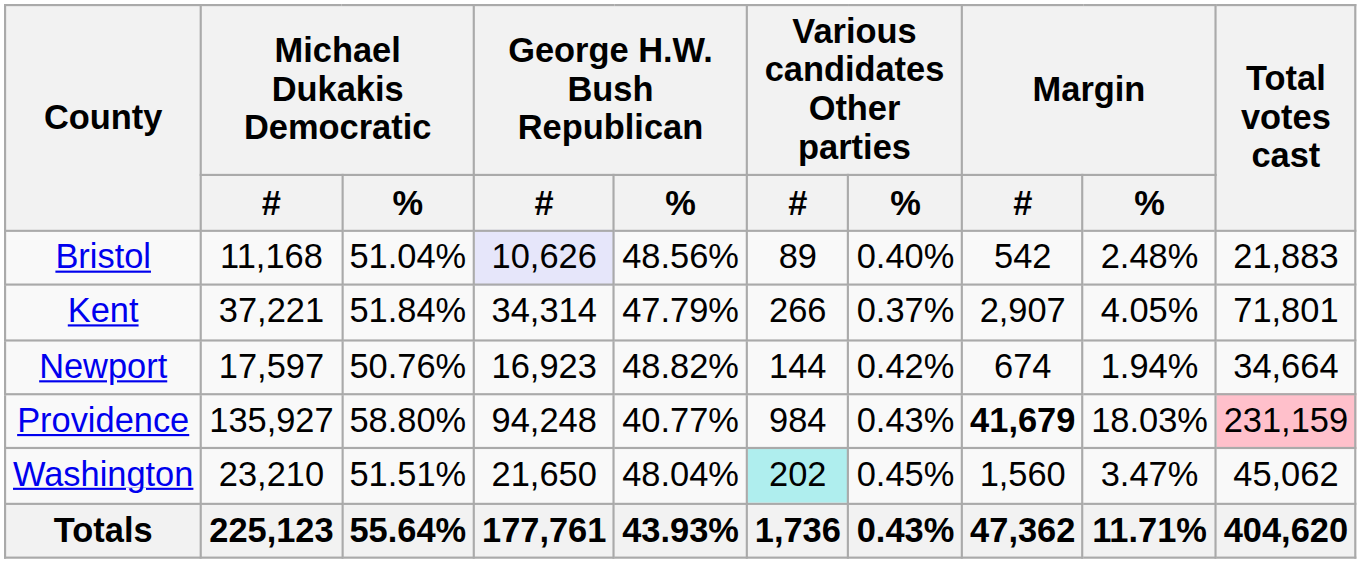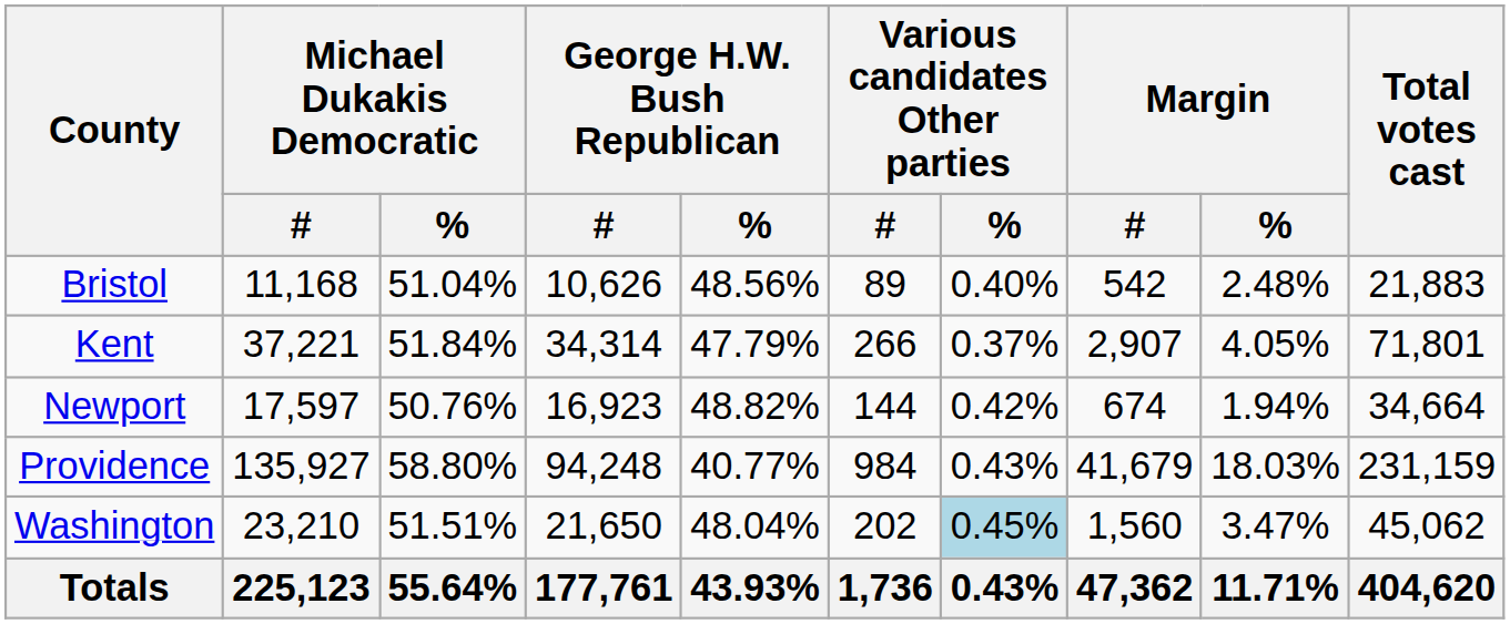 <table width="60%"  class="wikitable sortable" style="text-align:center">
 <tr>
 <th style="text-align:center;" rowspan="2">County</th>
 <th style="text-align:center;" colspan="2">Michael Dukakis<br>Democratic</th>
 <th style="text-align:center;" colspan="2">George H.W. Bush<br>Republican</th>
 <th style="text-align:center;" colspan="2">Various candidates<br>Other parties</th>
 <th style="text-align:center;" colspan="2">Margin</th>
 <th style="text-align:center;" rowspan="2">Total votes cast</th>
 </tr>
 <tr>
 <th style="text-align:center;" data-sort-type="number">#</th>
 <th style="text-align:center;" data-sort-type="number">%</th>
 <th style="text-align:center;" data-sort-type="number">#</th>
 <th style="text-align:center;" data-sort-type="number">%</th>
 <th style="text-align:center;" data-sort-type="number">#</th>
 <th style="text-align:center;" data-sort-type="number">%</th>
 <th style="text-align:center;" data-sort-type="number">#</th>
 <th style="text-align:center;" data-sort-type="number">%</th>
 </tr>
 <tr style="text-align:center;">
 <td><a href='#'>Bristol</a></td>
 <td>11,168</td>
 <td>51.04%</td>
-<td style="background: lavender;">10,626</td>
+<td>10,626</td>
 <td>48.56%</td>
 <td>89</td>
 <td>0.40%</td>
 <td>542</td>
 <td>2.48%</td>
 <td>21,883</td>
 </tr>
 <tr style="text-align:center;">
 <td><a href='#'>Kent</a></td>
 <td>37,221</td>
 <td>51.84%</td>
 <td>34,314</td>
 <td>47.79%</td>
 <td>266</td>
 <td>0.37%</td>
 <td>2,907</td>
 <td>4.05%</td>
 <td>71,801</td>
 </tr>
 <tr style="text-align:center;">
 <td><a href='#'>Newport</a></td>
 <td>17,597</td>
 <td>50.76%</td>
 <td>16,923</td>
 <td>48.82%</td>
 <td>144</td>
 <td>0.42%</td>
 <td>674</td>
 <td>1.94%</td>
 <td>34,664</td>
 </tr>
 <tr style="text-align:center;">
 <td><a href='#'>Providence</a></td>
 <td>135,927</td>
 <td>58.80%</td>
 <td>94,248</td>
 <td>40.77%</td>
 <td>984</td>
 <td>0.43%</td>
-<td><strong>41,679</strong></td>
+<td>41,679</td>
 <td>18.03%</td>
-<td style="background: pink;">231,159</td>
+<td>231,159</td>
 </tr>
 <tr style="text-align:center;">
 <td><a href='#'>Washington</a></td>
 <td>23,210</td>
 <td>51.51%</td>
 <td>21,650</td>
 <td>48.04%</td>
-<td style="background: paleturquoise;">202</td>
-<td>0.45%</td>
+<td>202</td>
+<td style="background: lightblue;">0.45%</td>
 <td>1,560</td>
 <td>3.47%</td>
 <td>45,062</td>
 </tr>
 <tr>
 <th>Totals</th>
 <th>225,123</th>
 <th>55.64%</th>
 <th>177,761</th>
 <th>43.93%</th>
 <th>1,736</th>
 <th>0.43%</th>
 <th>47,362</th>
 <th>11.71%</th>
 <th>404,620</th>
 </tr>
 </table>
